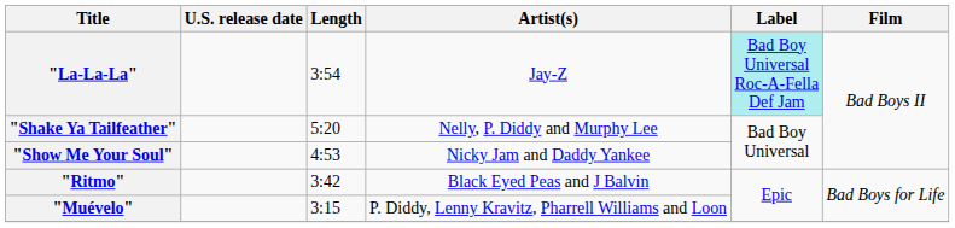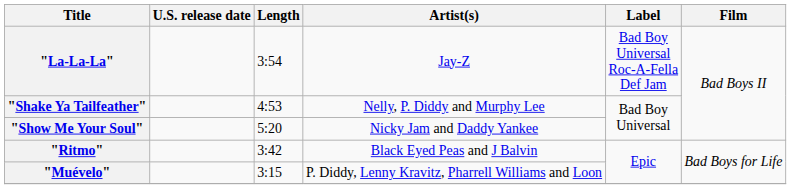 <table class="wikitable plainrowheaders">
 <tr>
 <th scope="col">Title</th>
 <th scope="col">U.S. release date</th>
 <th scope="col">Length</th>
 <th scope="col">Artist(s)</th>
 <th scope="col">Label</th>
 <th scope="col">Film</th>
 </tr>
 <tr>
 <th scope="row">"<a href='#'>La-La-La</a>"</th>
 <td></td>
 <td>3:54</td>
 <td style="text-align: center;"><a href='#'>Jay-Z</a></td>
-<td style="background: paleturquoise; text-align: center;"><a href='#'>Bad Boy</a><br><a href='#'>Universal</a><br><a href='#'>Roc-A-Fella</a><br><a href='#'>Def Jam</a></td>
+<td style="text-align: center;"><a href='#'>Bad Boy</a><br><a href='#'>Universal</a><br><a href='#'>Roc-A-Fella</a><br><a href='#'>Def Jam</a></td>
 <td rowspan="3" style="text-align: center;"><em>Bad Boys II</em></td>
 </tr>
 <tr>
 <th scope="row">"<a href='#'>Shake Ya Tailfeather</a>"</th>
 <td></td>
-<td>5:20</td>
+<td>4:53</td>
 <td style="text-align: center;"><a href='#'>Nelly</a>, <a href='#'>P. Diddy</a> and <a href='#'>Murphy Lee</a></td>
 <td rowspan="2" style="text-align: center;">Bad Boy<br>Universal</td>
 </tr>
 <tr>
 <th scope="row">"<a href='#'>Show Me Your Soul</a>"</th>
 <td></td>
-<td>4:53</td>
+<td>5:20</td>
 <td style="text-align: center;"><a href='#'>Nicky Jam</a> and <a href='#'>Daddy Yankee</a></td>
 </tr>
 <tr>
 <th scope="row">"<a href='#'>Ritmo</a>"</th>
 <td></td>
 <td>3:42</td>
 <td style="text-align: center;"><a href='#'>Black Eyed Peas</a> and <a href='#'>J Balvin</a></td>
 <td rowspan="2" style="text-align: center;"><a href='#'>Epic</a></td>
 <td rowspan="2" style="text-align: center;"><em>Bad Boys for Life</em></td>
 </tr>
 <tr>
 <th scope="row">"<a href='#'>Muévelo</a>"</th>
 <td></td>
 <td>3:15</td>
 <td style="text-align: center;">P. Diddy, <a href='#'>Lenny Kravitz</a>, <a href='#'>Pharrell Williams</a> and <a href='#'>Loon</a></td>
 </tr>
 <tr>
 </tr>
 </table>
